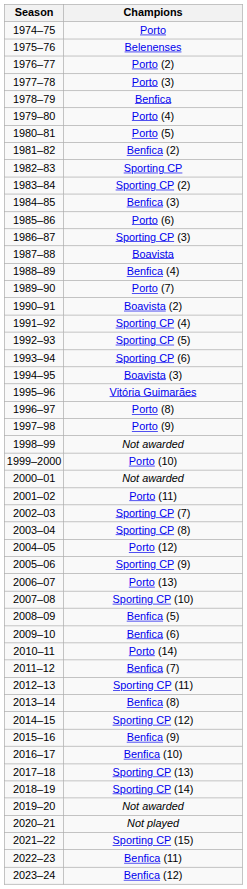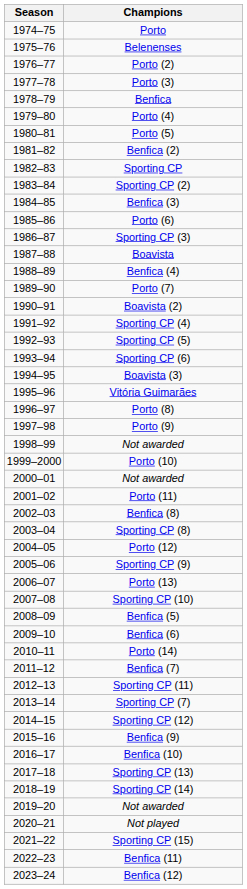 <table class="wikitable sortable" style="text-align:center;">
 <tr>
 <th width="25%">Season</th>
 <th width="75%">Champions</th>
 </tr>
 <tr>
 <td>1974–75</td>
 <td><a href='#'>Porto</a></td>
 </tr>
 <tr>
 <td>1975–76</td>
 <td><a href='#'>Belenenses</a></td>
 </tr>
 <tr>
 <td>1976–77</td>
 <td><a href='#'>Porto</a> (2)</td>
 </tr>
 <tr>
 <td>1977–78</td>
 <td><a href='#'>Porto</a> (3)</td>
 </tr>
 <tr>
 <td>1978–79</td>
 <td><a href='#'>Benfica</a></td>
 </tr>
 <tr>
 <td>1979–80</td>
 <td><a href='#'>Porto</a> (4)</td>
 </tr>
 <tr>
 <td>1980–81</td>
 <td><a href='#'>Porto</a> (5)</td>
 </tr>
 <tr>
 <td>1981–82</td>
 <td><a href='#'>Benfica</a> (2)</td>
 </tr>
 <tr>
 <td>1982–83</td>
 <td><a href='#'>Sporting CP</a></td>
 </tr>
 <tr>
 <td>1983–84</td>
 <td><a href='#'>Sporting CP</a> (2)</td>
 </tr>
 <tr>
 <td>1984–85</td>
 <td><a href='#'>Benfica</a> (3)</td>
 </tr>
 <tr>
 <td>1985–86</td>
 <td><a href='#'>Porto</a> (6)</td>
 </tr>
 <tr>
 <td>1986–87</td>
 <td><a href='#'>Sporting CP</a> (3)</td>
 </tr>
 <tr>
 <td>1987–88</td>
 <td><a href='#'>Boavista</a></td>
 </tr>
 <tr>
 <td>1988–89</td>
 <td><a href='#'>Benfica</a> (4)</td>
 </tr>
 <tr>
 <td>1989–90</td>
 <td><a href='#'>Porto</a> (7)</td>
 </tr>
 <tr>
 <td>1990–91</td>
 <td><a href='#'>Boavista</a> (2)</td>
 </tr>
 <tr>
 <td>1991–92</td>
 <td><a href='#'>Sporting CP</a> (4)</td>
 </tr>
 <tr>
 <td>1992–93</td>
 <td><a href='#'>Sporting CP</a> (5)</td>
 </tr>
 <tr>
 <td>1993–94</td>
 <td><a href='#'>Sporting CP</a> (6)</td>
 </tr>
 <tr>
 <td>1994–95</td>
 <td><a href='#'>Boavista</a> (3)</td>
 </tr>
 <tr>
 <td>1995–96</td>
 <td><a href='#'>Vitória Guimarães</a></td>
 </tr>
 <tr>
 <td>1996–97</td>
 <td><a href='#'>Porto</a> (8)</td>
 </tr>
 <tr>
 <td>1997–98</td>
 <td><a href='#'>Porto</a> (9)</td>
 </tr>
 <tr>
 <td>1998–99</td>
 <td><em>Not awarded</em></td>
 </tr>
 <tr>
 <td>1999–2000</td>
 <td><a href='#'>Porto</a> (10)</td>
 </tr>
 <tr>
 <td>2000–01</td>
 <td><em>Not awarded</em></td>
 </tr>
 <tr>
 <td>2001–02</td>
 <td><a href='#'>Porto</a> (11)</td>
 </tr>
 <tr>
 <td>2002–03</td>
-<td><a href='#'>Sporting CP</a> (7)</td>
+<td><a href='#'>Benfica</a> (8)</td>
 </tr>
 <tr>
 <td>2003–04</td>
 <td><a href='#'>Sporting CP</a> (8)</td>
 </tr>
 <tr>
 <td>2004–05</td>
 <td><a href='#'>Porto</a> (12)</td>
 </tr>
 <tr>
 <td>2005–06</td>
 <td><a href='#'>Sporting CP</a> (9)</td>
 </tr>
 <tr>
 <td>2006–07</td>
 <td><a href='#'>Porto</a> (13)</td>
 </tr>
 <tr>
 <td>2007–08</td>
 <td><a href='#'>Sporting CP</a> (10)</td>
 </tr>
 <tr>
 <td>2008–09</td>
 <td><a href='#'>Benfica</a> (5)</td>
 </tr>
 <tr>
 <td>2009–10</td>
 <td><a href='#'>Benfica</a> (6)</td>
 </tr>
 <tr>
 <td>2010–11</td>
 <td><a href='#'>Porto</a> (14)</td>
 </tr>
 <tr>
 <td>2011–12</td>
 <td><a href='#'>Benfica</a> (7)</td>
 </tr>
 <tr>
 <td>2012–13</td>
 <td><a href='#'>Sporting CP</a> (11)</td>
 </tr>
 <tr>
 <td>2013–14</td>
-<td><a href='#'>Benfica</a> (8)</td>
+<td><a href='#'>Sporting CP</a> (7)</td>
 </tr>
 <tr>
 <td>2014–15</td>
 <td><a href='#'>Sporting CP</a> (12)</td>
 </tr>
 <tr>
 <td>2015–16</td>
 <td><a href='#'>Benfica</a> (9)</td>
 </tr>
 <tr>
 <td>2016–17</td>
 <td><a href='#'>Benfica</a> (10)</td>
 </tr>
 <tr>
 <td>2017–18</td>
 <td><a href='#'>Sporting CP</a> (13)</td>
 </tr>
 <tr>
 <td>2018–19</td>
 <td><a href='#'>Sporting CP</a> (14)</td>
 </tr>
 <tr>
 <td>2019–20</td>
 <td><em>Not awarded</em> </td>
 </tr>
 <tr>
 <td>2020–21</td>
 <td><em>Not played</em> </td>
 </tr>
 <tr>
 <td>2021–22</td>
 <td><a href='#'>Sporting CP</a> (15)</td>
 </tr>
 <tr>
 <td>2022–23</td>
 <td><a href='#'>Benfica</a> (11)</td>
 </tr>
 <tr>
 <td>2023–24</td>
 <td><a href='#'>Benfica</a> (12)</td>
 </tr>
 </table>
